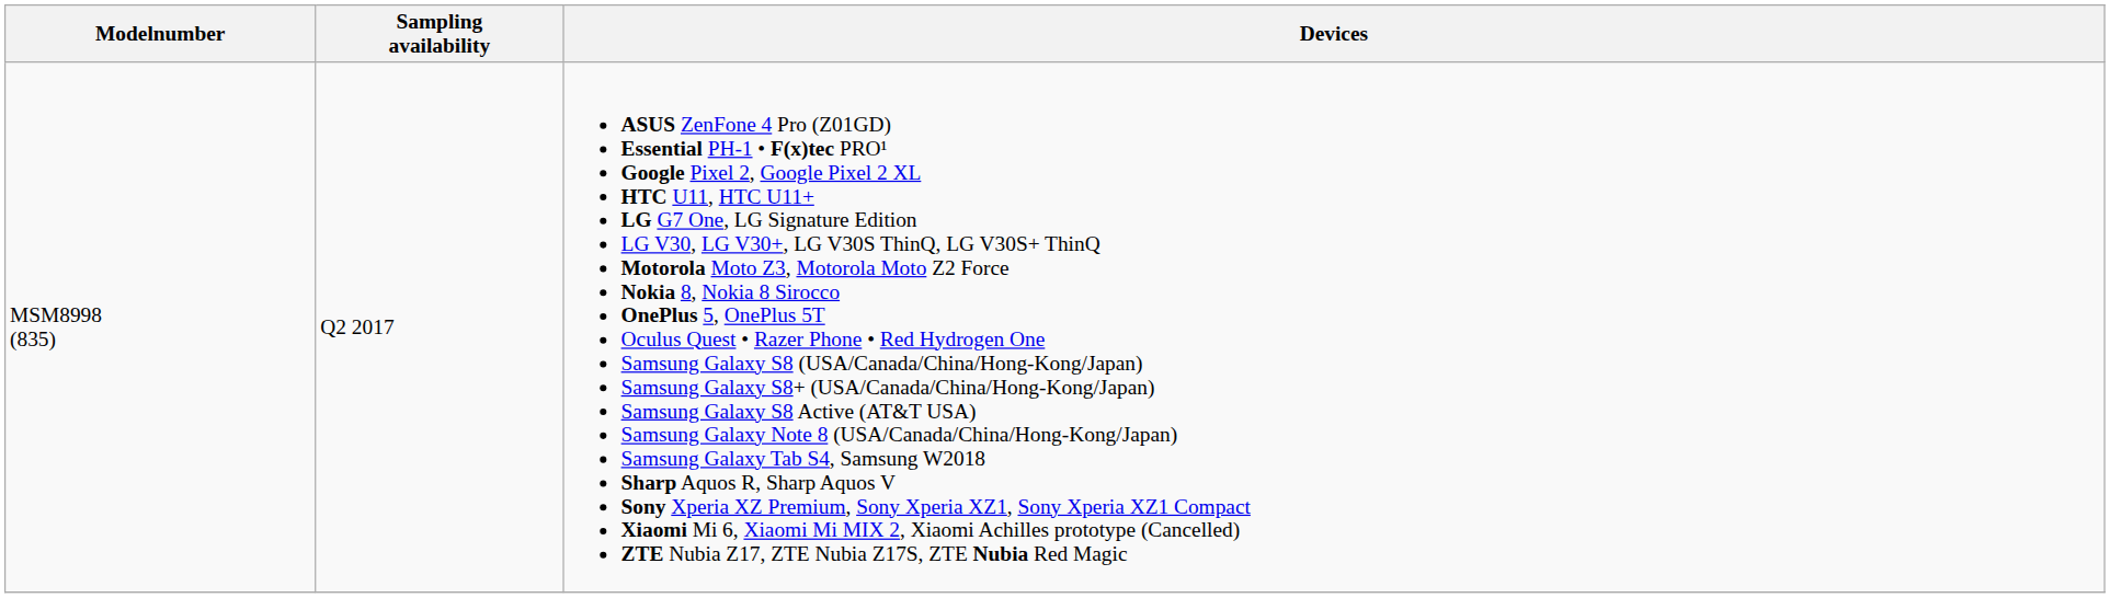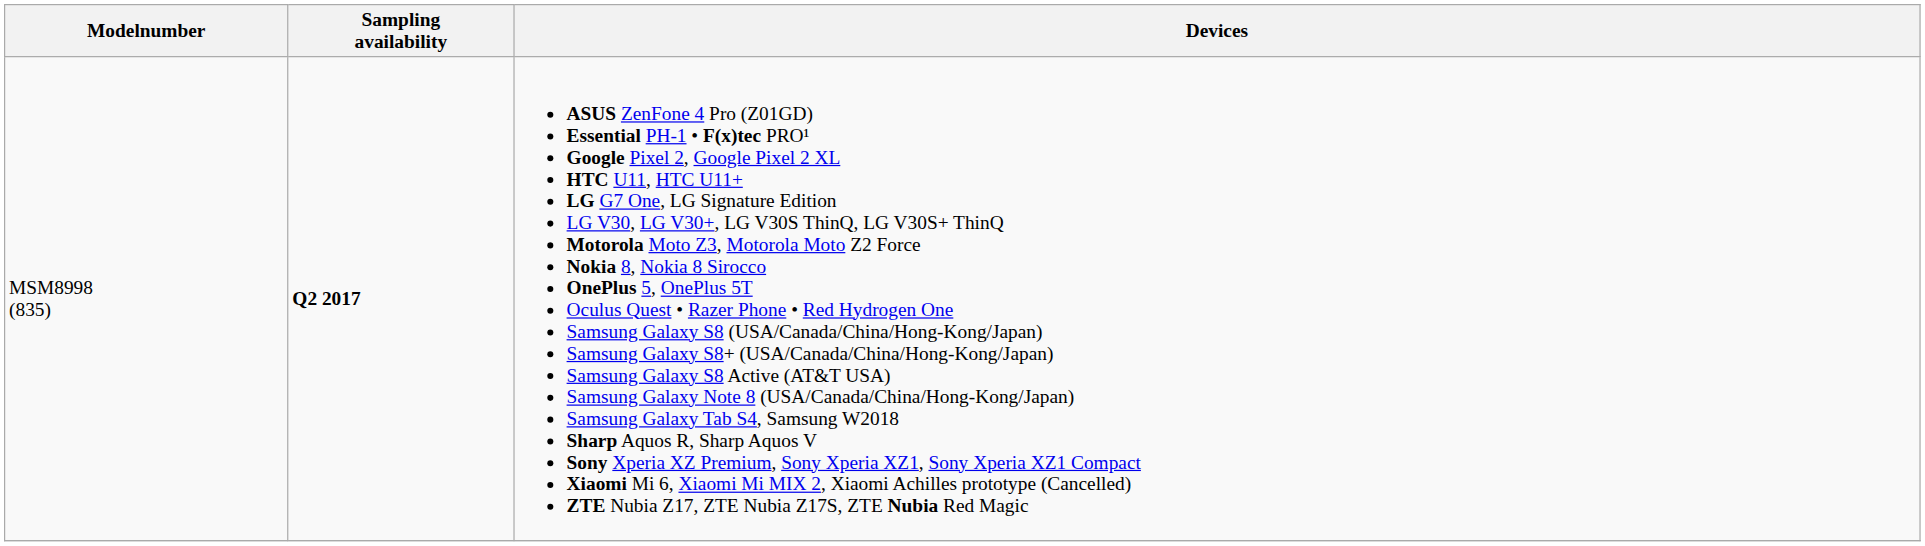 <table class="wikitable" style="width:100%">
 <tr>
 <th>Modelnumber</th>
 <th>Sampling<br>availability</th>
 <th>Devices</th>
 </tr>
 <tr>
 <td>MSM8998 <br>(835)</td>
-<td>Q2 2017</td>
+<td><strong>Q2 2017</strong></td>
 <td><br><ul><li><strong>ASUS</strong> <a href='#'>ZenFone 4</a> Pro (Z01GD)</li><li><strong>Essential</strong> <a href='#'>PH-1</a> • <strong>F(x)tec</strong> PRO¹</li><li><strong>Google</strong> <a href='#'>Pixel 2</a>, <a href='#'>Google Pixel 2 XL</a></li><li><strong>HTC</strong> <a href='#'>U11</a>, <a href='#'>HTC U11+</a></li><li><strong>LG</strong> <a href='#'>G7 One</a>, LG Signature Edition</li><li><a href='#'>LG V30</a>, <a href='#'>LG V30+</a>, LG V30S ThinQ, LG V30S+ ThinQ</li><li><strong>Motorola</strong> <a href='#'>Moto Z3</a>, <a href='#'>Motorola Moto</a> Z2 Force</li><li><strong>Nokia</strong> <a href='#'>8</a>, <a href='#'>Nokia 8 Sirocco</a></li><li><strong>OnePlus</strong> <a href='#'>5</a>, <a href='#'>OnePlus 5T</a></li><li><a href='#'>Oculus Quest</a> • <a href='#'>Razer Phone</a> • <a href='#'>Red Hydrogen One</a></li><li><a href='#'>Samsung Galaxy S8</a> (USA/Canada/China/Hong-Kong/Japan)</li><li><a href='#'>Samsung Galaxy S8</a>+ (USA/Canada/China/Hong-Kong/Japan)</li><li><a href='#'>Samsung Galaxy S8</a> Active  (AT&T USA)</li><li><a href='#'>Samsung Galaxy Note 8</a> (USA/Canada/China/Hong-Kong/Japan)</li><li><a href='#'>Samsung Galaxy Tab S4</a>, Samsung W2018</li><li><strong>Sharp</strong> Aquos R, Sharp Aquos V</li><li><strong>Sony</strong> <a href='#'>Xperia XZ Premium</a>, <a href='#'>Sony Xperia XZ1</a>, <a href='#'>Sony Xperia XZ1 Compact</a></li><li><strong>Xiaomi</strong> Mi 6, <a href='#'>Xiaomi Mi MIX 2</a>, Xiaomi Achilles prototype (Cancelled)</li><li><strong>ZTE</strong> Nubia Z17, ZTE Nubia Z17S, ZTE <strong>Nubia</strong> Red Magic</li></ul></td>
 </tr>
 <tr>
 </tr>
 </table>
